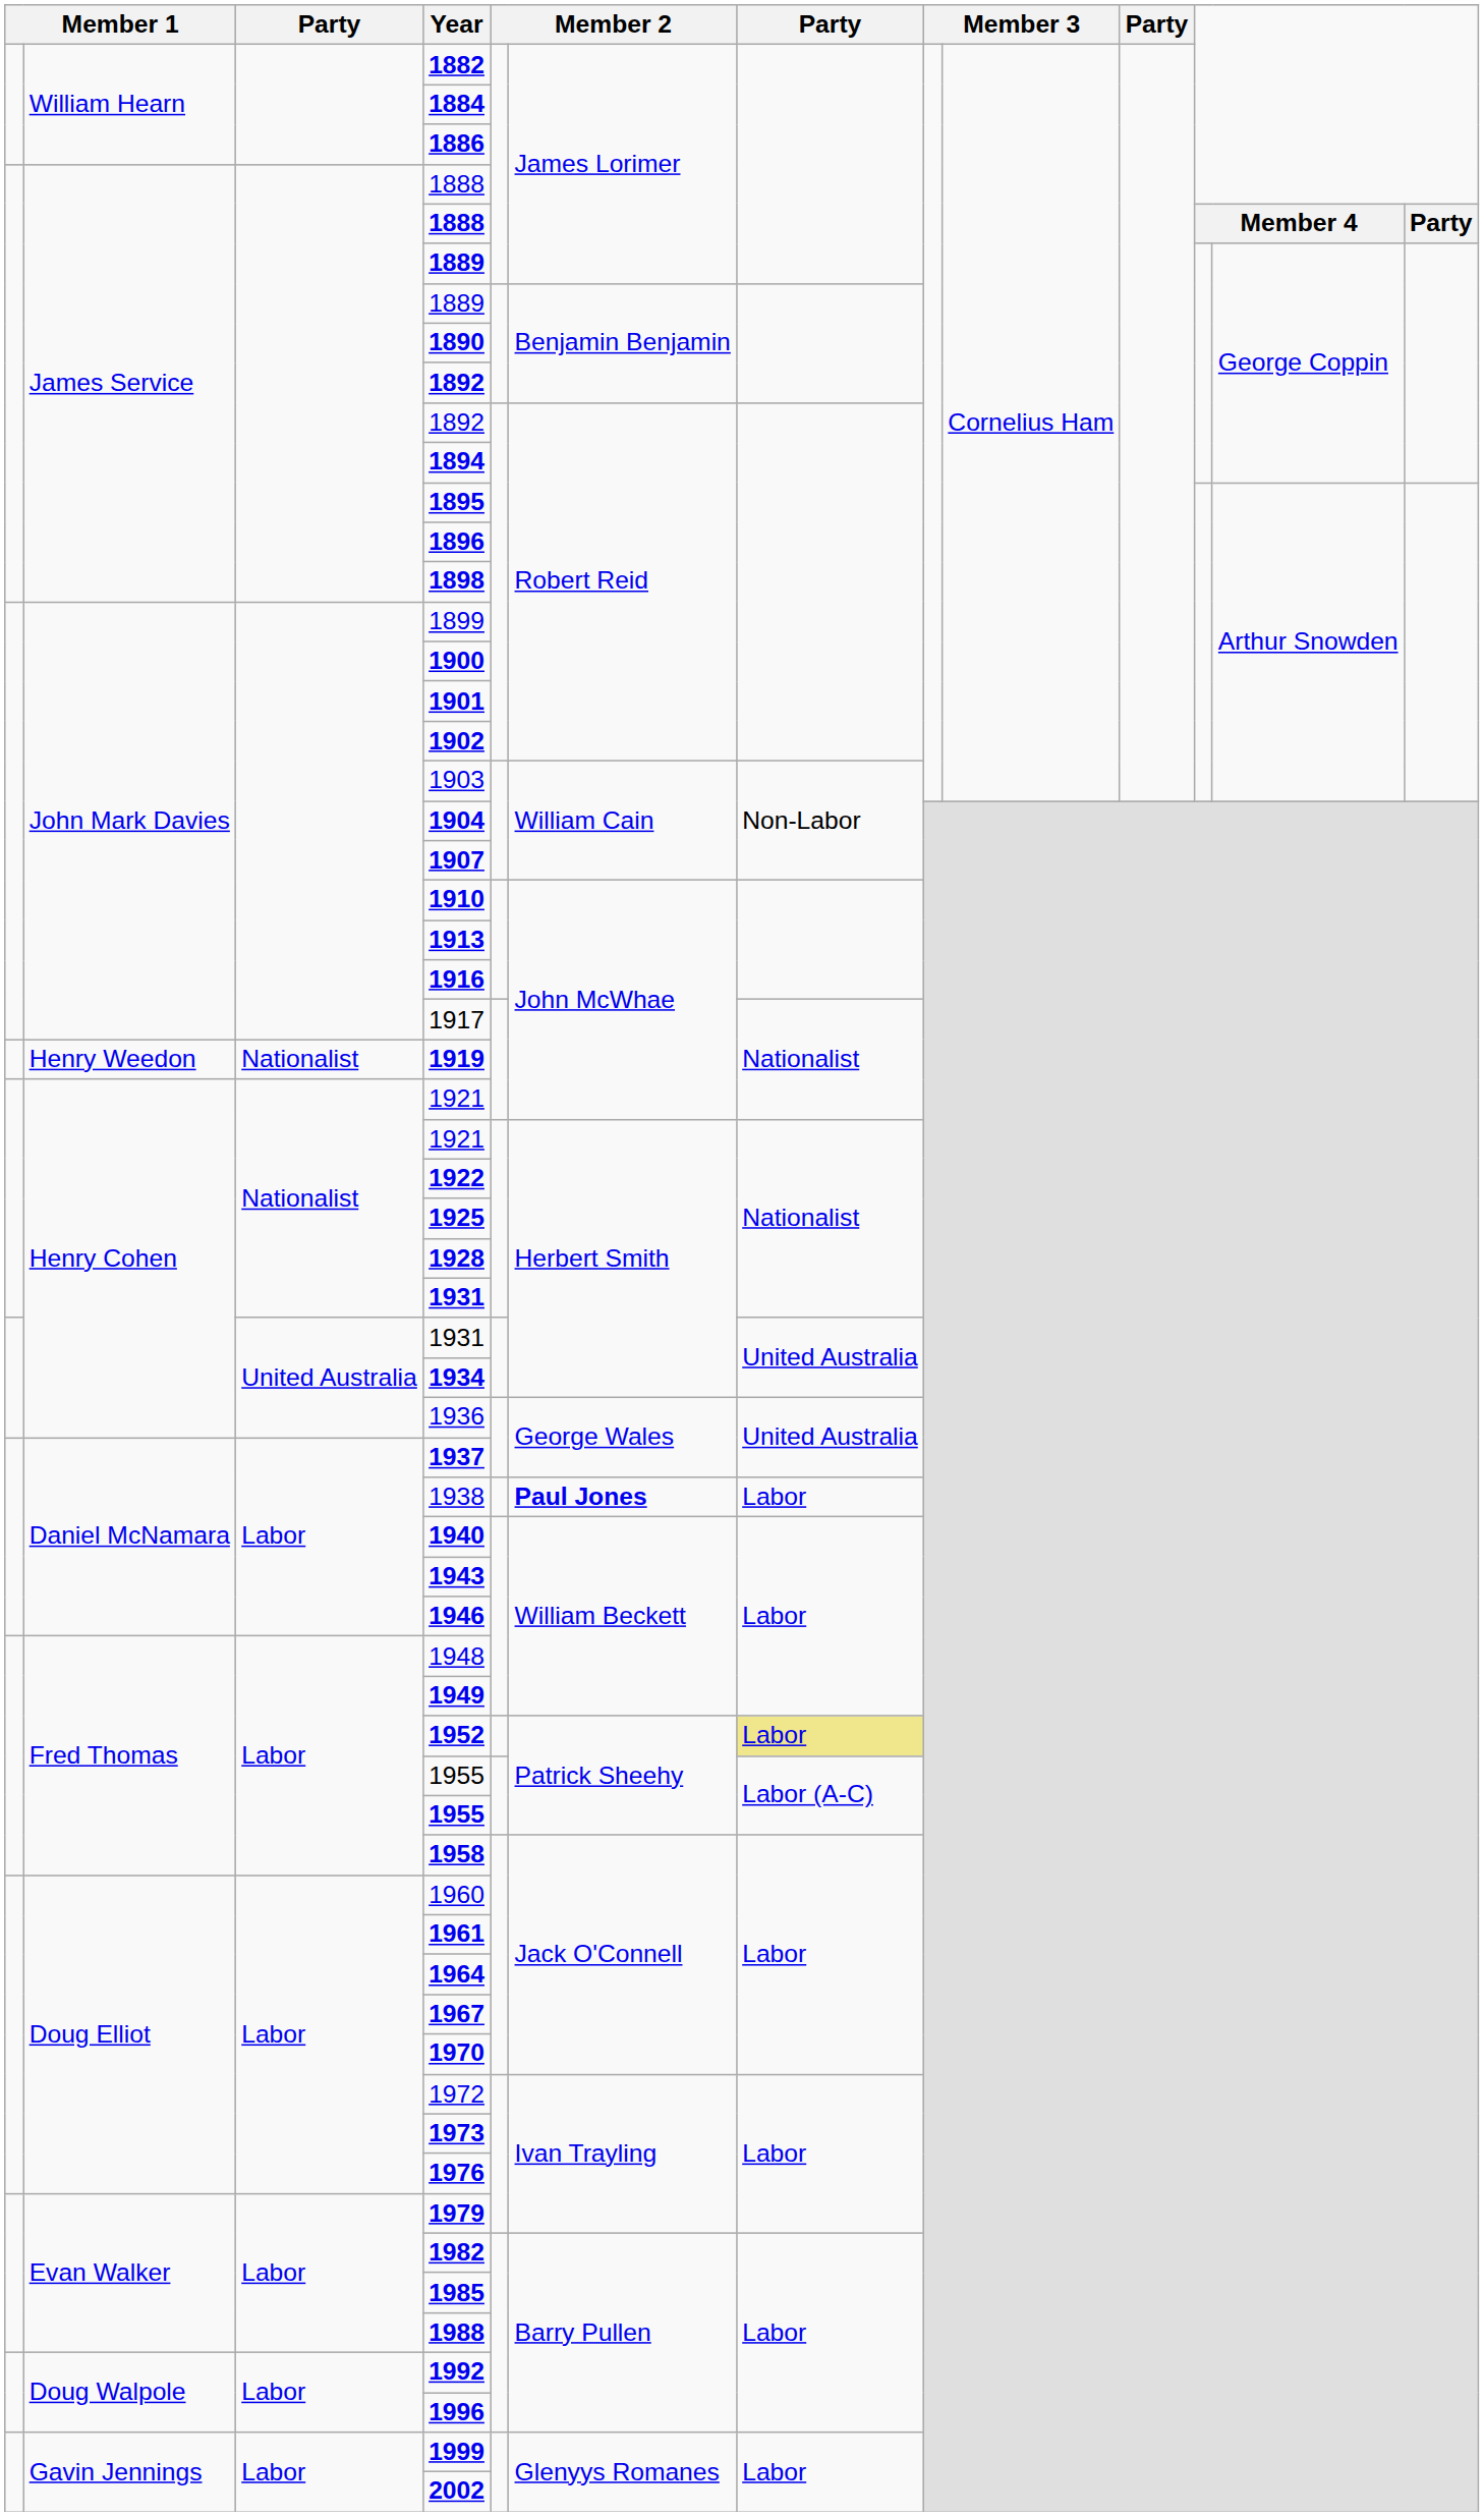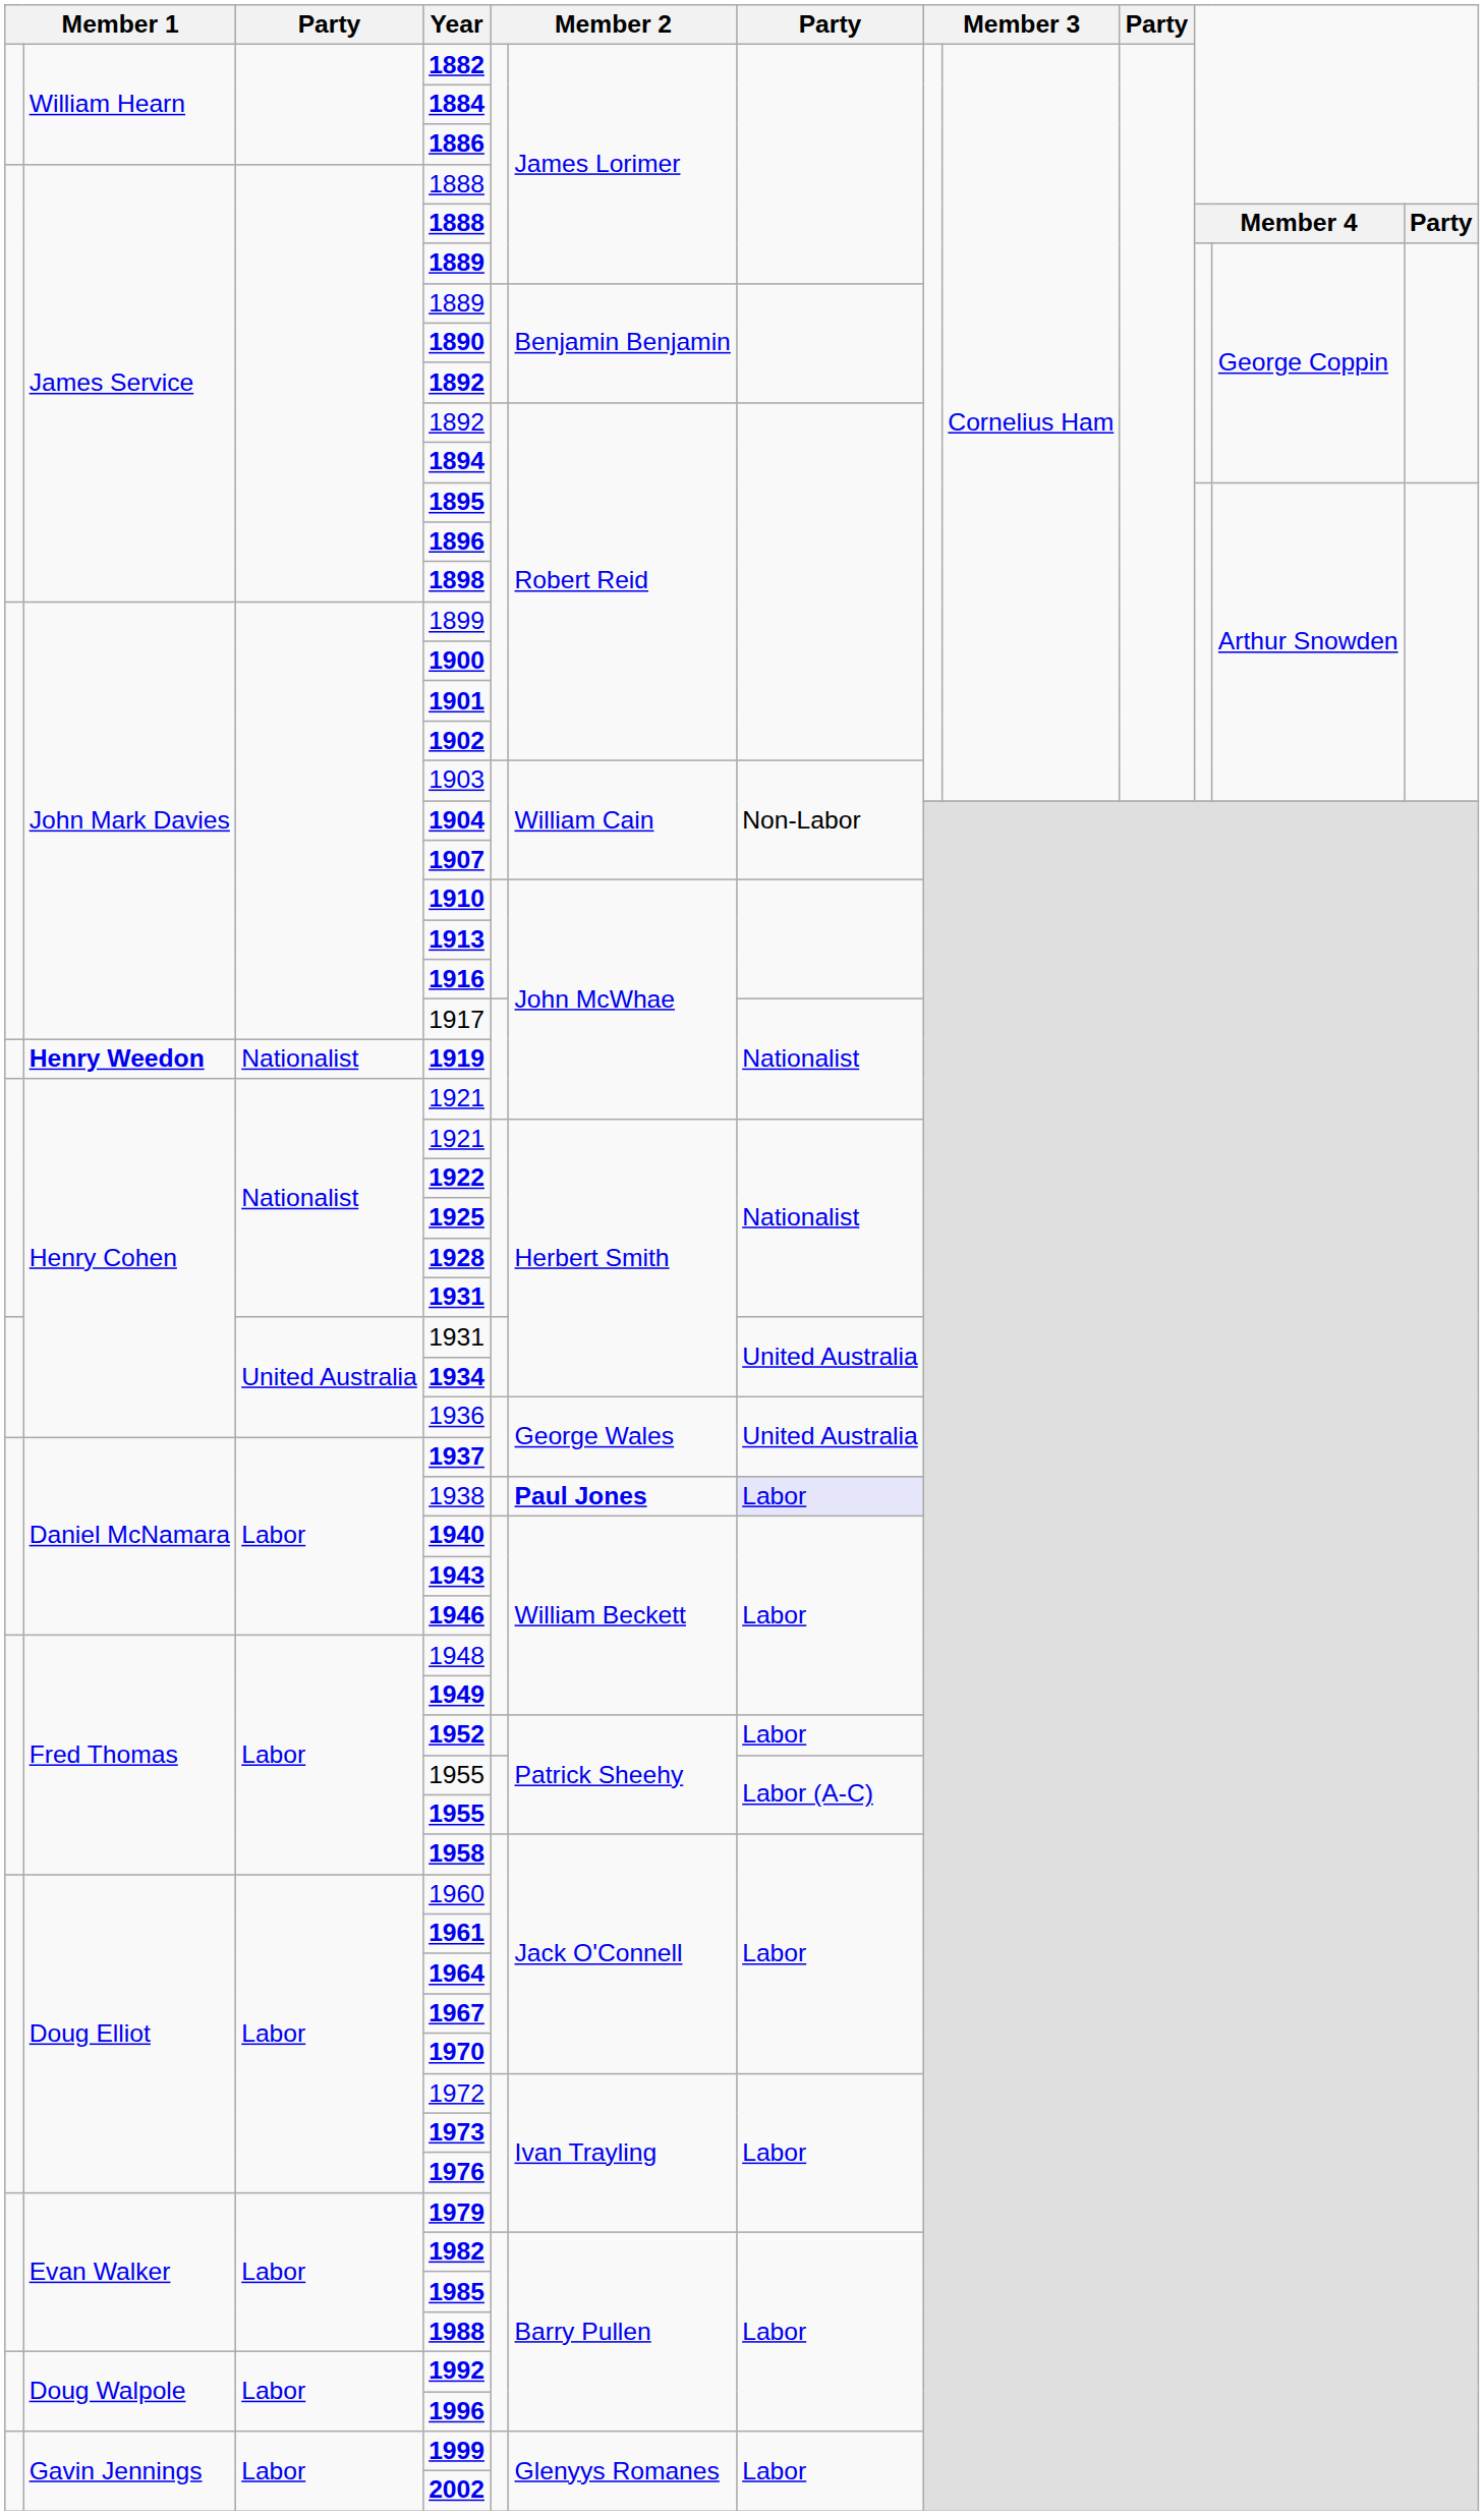 <table class="wikitable">
 <tr>
 <th colspan=2>Member 1</th>
 <th>Party</th>
 <th>Year</th>
 <th colspan=2>Member 2</th>
 <th>Party</th>
 <th colspan=2>Member 3</th>
 <th>Party</th>
 </tr>
 <tr>
 <td rowspan=3 > </td>
 <td rowspan=3><a href='#'>William Hearn</a></td>
 <td rowspan=3> </td>
 <td><strong><a href='#'>1882</a></strong></td>
 <td rowspan=6 > </td>
 <td rowspan=6><a href='#'>James Lorimer</a></td>
 <td rowspan=6> </td>
 <td rowspan=19 > </td>
 <td rowspan=19><a href='#'>Cornelius Ham</a></td>
 <td rowspan=19> </td>
 </tr>
 <tr>
 <td><strong><a href='#'>1884</a></strong></td>
 </tr>
 <tr>
 <td><strong><a href='#'>1886</a></strong></td>
 </tr>
 <tr>
 <td rowspan=11 > </td>
 <td rowspan=11><a href='#'>James Service</a></td>
 <td rowspan=11> </td>
 <td><a href='#'>1888</a></td>
 </tr>
 <tr>
 <td><strong><a href='#'>1888</a></strong></td>
 <th colspan=2>Member 4</th>
 <th>Party</th>
 </tr>
 <tr>
 <td><strong><a href='#'>1889</a></strong></td>
 <td rowspan=6 > </td>
 <td rowspan=6><a href='#'>George Coppin</a></td>
 <td rowspan=6> </td>
 </tr>
 <tr>
 <td><a href='#'>1889</a></td>
 <td rowspan=3 > </td>
 <td rowspan=3><a href='#'>Benjamin Benjamin</a></td>
 <td rowspan=3> </td>
 </tr>
 <tr>
 <td><strong><a href='#'>1890</a></strong></td>
 </tr>
 <tr>
 <td><strong><a href='#'>1892</a></strong></td>
 </tr>
 <tr>
 <td><a href='#'>1892</a></td>
 <td rowspan=9 > </td>
 <td rowspan=9><a href='#'>Robert Reid</a></td>
 <td rowspan=9> </td>
 </tr>
 <tr>
 <td><strong><a href='#'>1894</a></strong></td>
 </tr>
 <tr>
 <td><strong><a href='#'>1895</a></strong></td>
 <td rowspan=8 > </td>
 <td rowspan=8><a href='#'>Arthur Snowden</a></td>
 <td rowspan=8> </td>
 </tr>
 <tr>
 <td><strong><a href='#'>1896</a></strong></td>
 </tr>
 <tr>
 <td><strong><a href='#'>1898</a></strong></td>
 </tr>
 <tr>
 <td rowspan=11 > </td>
 <td rowspan=11><a href='#'>John Mark Davies</a></td>
 <td rowspan=11> </td>
 <td><a href='#'>1899</a></td>
 </tr>
 <tr>
 <td><strong><a href='#'>1900</a></strong></td>
 </tr>
 <tr>
 <td><strong><a href='#'>1901</a></strong></td>
 </tr>
 <tr>
 <td><strong><a href='#'>1902</a></strong></td>
 </tr>
 <tr>
 <td><a href='#'>1903</a></td>
 <td rowspan=3 > </td>
 <td rowspan=3><a href='#'>William Cain</a></td>
 <td rowspan=3>Non-Labor</td>
 </tr>
 <tr>
 <td><strong><a href='#'>1904</a></strong></td>
 <td rowspan=43 colspan=6 bgcolor=#DFDFDF> </td>
 </tr>
 <tr>
 <td><strong><a href='#'>1907</a></strong></td>
 </tr>
 <tr>
 <td><strong><a href='#'>1910</a></strong></td>
 <td rowspan=3 > </td>
 <td rowspan=6><a href='#'>John McWhae</a></td>
 <td rowspan=3> </td>
 </tr>
 <tr>
 <td><strong><a href='#'>1913</a></strong></td>
 </tr>
 <tr>
 <td><strong><a href='#'>1916</a></strong></td>
 </tr>
 <tr>
 <td>1917</td>
 <td rowspan=3 > </td>
 <td rowspan=3><a href='#'>Nationalist</a></td>
 </tr>
 <tr>
 <td> </td>
-<td><a href='#'>Henry Weedon</a></td>
+<td><strong><a href='#'>Henry Weedon</a></strong></td>
 <td><a href='#'>Nationalist</a></td>
 <td><strong><a href='#'>1919</a></strong></td>
 </tr>
 <tr>
 <td rowspan=6 > </td>
 <td rowspan=9><a href='#'>Henry Cohen</a></td>
 <td rowspan=6><a href='#'>Nationalist</a></td>
 <td><a href='#'>1921</a></td>
 </tr>
 <tr>
 <td><a href='#'>1921</a></td>
 <td rowspan=5 > </td>
 <td rowspan=7><a href='#'>Herbert Smith</a></td>
 <td rowspan=5><a href='#'>Nationalist</a></td>
 </tr>
 <tr>
 <td><strong><a href='#'>1922</a></strong></td>
 </tr>
 <tr>
 <td><strong><a href='#'>1925</a></strong></td>
 </tr>
 <tr>
 <td><strong><a href='#'>1928</a></strong></td>
 </tr>
 <tr>
 <td><strong><a href='#'>1931</a></strong></td>
 </tr>
 <tr>
 <td rowspan=3 > </td>
 <td rowspan=3><a href='#'>United Australia</a></td>
 <td>1931</td>
 <td rowspan=2 > </td>
 <td rowspan=2><a href='#'>United Australia</a></td>
 </tr>
 <tr>
 <td><strong><a href='#'>1934</a></strong></td>
 </tr>
 <tr>
 <td><a href='#'>1936</a></td>
 <td rowspan=2 > </td>
 <td rowspan=2><a href='#'>George Wales</a></td>
 <td rowspan=2><a href='#'>United Australia</a></td>
 </tr>
 <tr>
 <td rowspan=5 > </td>
 <td rowspan=5><a href='#'>Daniel McNamara</a></td>
 <td rowspan=5><a href='#'>Labor</a></td>
 <td><strong><a href='#'>1937</a></strong></td>
 </tr>
 <tr>
 <td><a href='#'>1938</a></td>
 <td> </td>
 <td><strong><a href='#'>Paul Jones</a></strong></td>
-<td><a href='#'>Labor</a></td>
+<td style="background: lavender;"><a href='#'>Labor</a></td>
 </tr>
 <tr>
 <td><strong><a href='#'>1940</a></strong></td>
 <td rowspan=5 > </td>
 <td rowspan=5><a href='#'>William Beckett</a></td>
 <td rowspan=5><a href='#'>Labor</a></td>
 </tr>
 <tr>
 <td><strong><a href='#'>1943</a></strong></td>
 </tr>
 <tr>
 <td><strong><a href='#'>1946</a></strong></td>
 </tr>
 <tr>
 <td rowspan=6 > </td>
 <td rowspan=6><a href='#'>Fred Thomas</a></td>
 <td rowspan=6><a href='#'>Labor</a></td>
 <td><a href='#'>1948</a></td>
 </tr>
 <tr>
 <td><strong><a href='#'>1949</a></strong></td>
 </tr>
 <tr>
 <td><strong><a href='#'>1952</a></strong></td>
 <td> </td>
 <td rowspan=3><a href='#'>Patrick Sheehy</a></td>
-<td style="background: khaki;"><a href='#'>Labor</a></td>
+<td><a href='#'>Labor</a></td>
 </tr>
 <tr>
 <td>1955</td>
 <td rowspan=2 > </td>
 <td rowspan=2><a href='#'>Labor (A-C)</a></td>
 </tr>
 <tr>
 <td><strong><a href='#'>1955</a></strong></td>
 </tr>
 <tr>
 <td><strong><a href='#'>1958</a></strong></td>
 <td rowspan=6 > </td>
 <td rowspan=6><a href='#'>Jack O'Connell</a></td>
 <td rowspan=6><a href='#'>Labor</a></td>
 </tr>
 <tr>
 <td rowspan=8 > </td>
 <td rowspan=8><a href='#'>Doug Elliot</a></td>
 <td rowspan=8><a href='#'>Labor</a></td>
 <td><a href='#'>1960</a></td>
 </tr>
 <tr>
 <td><strong><a href='#'>1961</a></strong></td>
 </tr>
 <tr>
 <td><strong><a href='#'>1964</a></strong></td>
 </tr>
 <tr>
 <td><strong><a href='#'>1967</a></strong></td>
 </tr>
 <tr>
 <td><strong><a href='#'>1970</a></strong></td>
 </tr>
 <tr>
 <td><a href='#'>1972</a></td>
 <td rowspan=4 > </td>
 <td rowspan=4><a href='#'>Ivan Trayling</a></td>
 <td rowspan=4><a href='#'>Labor</a></td>
 </tr>
 <tr>
 <td><strong><a href='#'>1973</a></strong></td>
 </tr>
 <tr>
 <td><strong><a href='#'>1976</a></strong></td>
 </tr>
 <tr>
 <td rowspan=4 > </td>
 <td rowspan=4><a href='#'>Evan Walker</a></td>
 <td rowspan=4><a href='#'>Labor</a></td>
 <td><strong><a href='#'>1979</a></strong></td>
 </tr>
 <tr>
 <td><strong><a href='#'>1982</a></strong></td>
 <td rowspan=5 > </td>
 <td rowspan=5><a href='#'>Barry Pullen</a></td>
 <td rowspan=5><a href='#'>Labor</a></td>
 </tr>
 <tr>
 <td><strong><a href='#'>1985</a></strong></td>
 </tr>
 <tr>
 <td><strong><a href='#'>1988</a></strong></td>
 </tr>
 <tr>
 <td rowspan=2 > </td>
 <td rowspan=2><a href='#'>Doug Walpole</a></td>
 <td rowspan=2><a href='#'>Labor</a></td>
 <td><strong><a href='#'>1992</a></strong></td>
 </tr>
 <tr>
 <td><strong><a href='#'>1996</a></strong></td>
 </tr>
 <tr>
 <td rowspan=2 > </td>
 <td rowspan=2><a href='#'>Gavin Jennings</a></td>
 <td rowspan=2><a href='#'>Labor</a></td>
 <td><strong><a href='#'>1999</a></strong></td>
 <td rowspan=2 > </td>
 <td rowspan=2><a href='#'>Glenyys Romanes</a></td>
 <td rowspan=2><a href='#'>Labor</a></td>
 </tr>
 <tr>
 <td><strong><a href='#'>2002</a></strong></td>
 </tr>
 </table>
